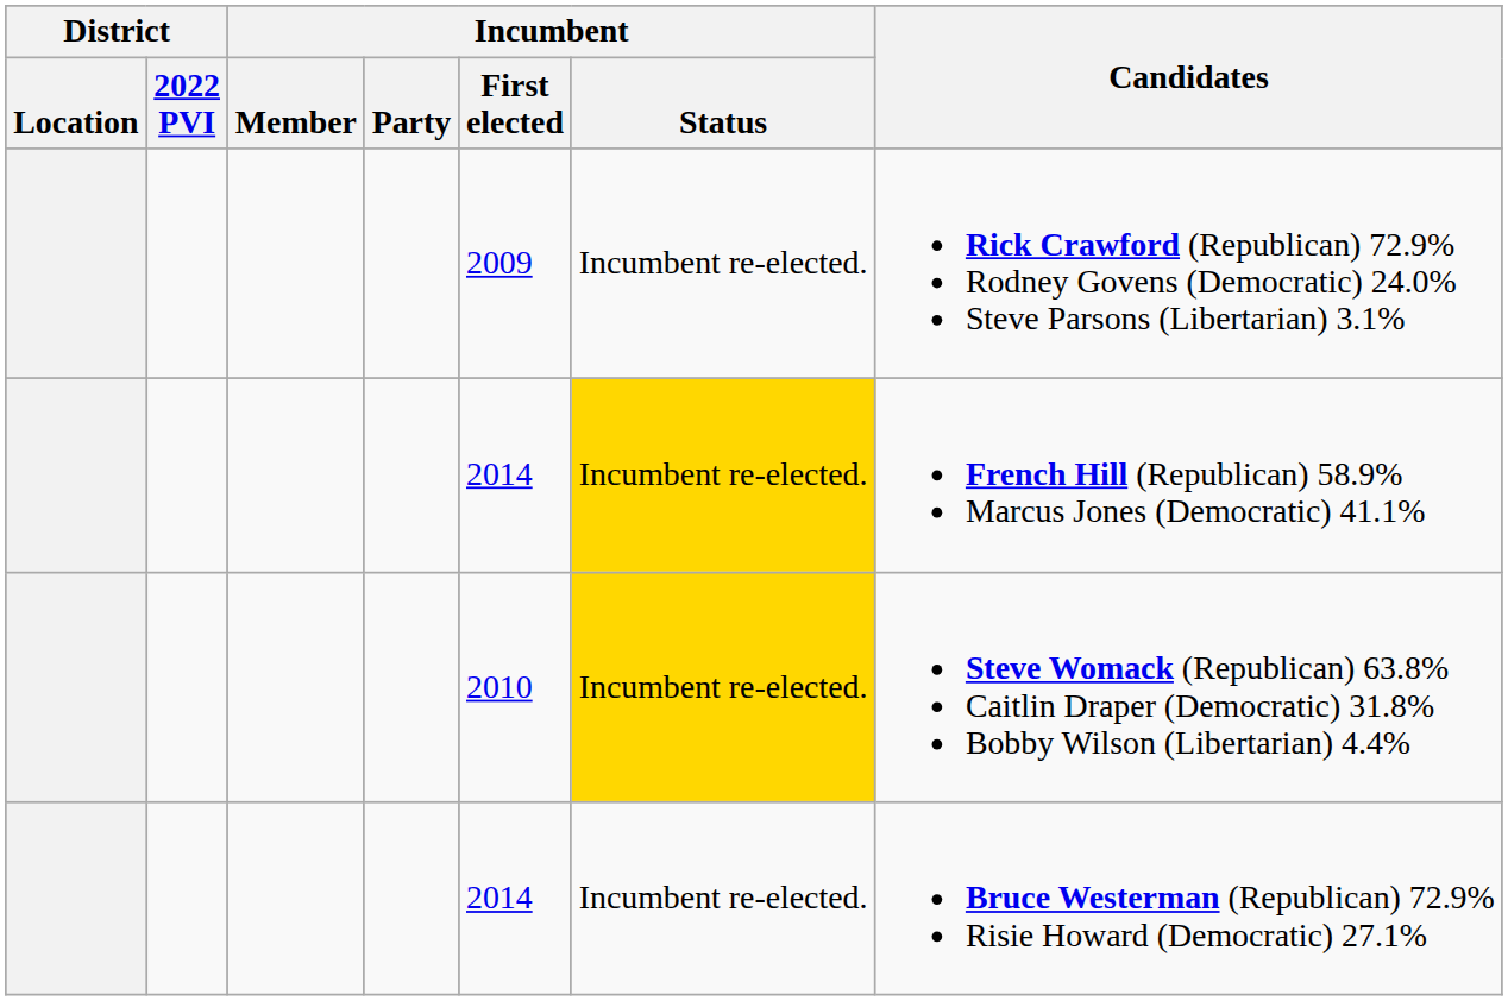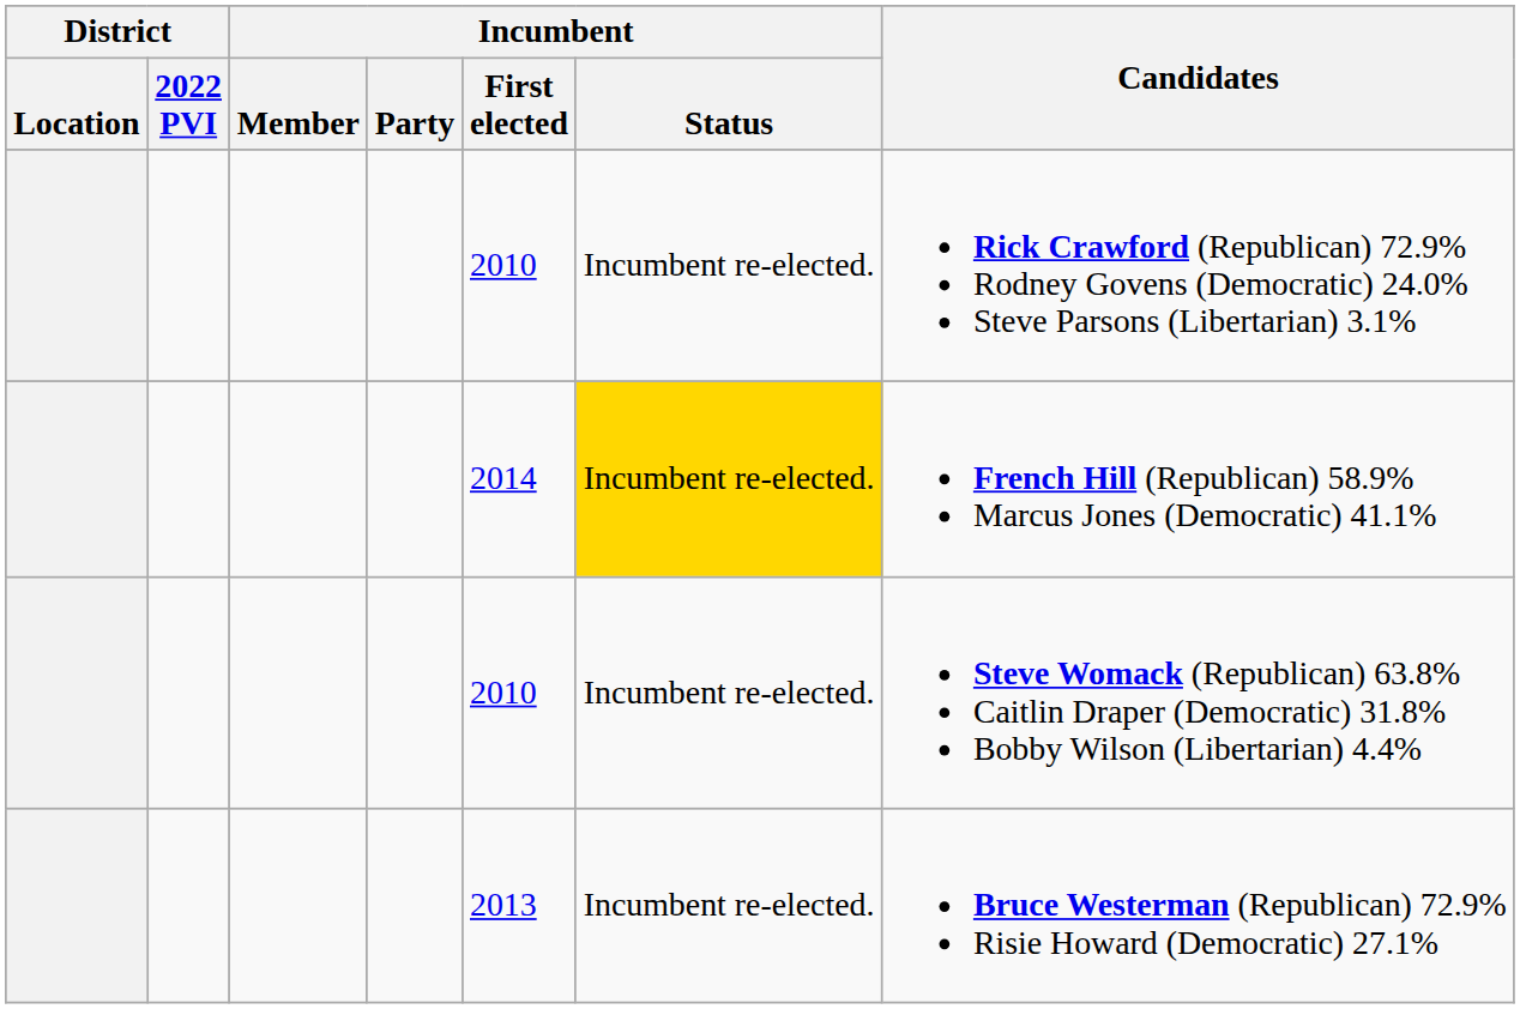 <table class="wikitable sortable">
 <tr>
 <th colspan=2>District</th>
 <th colspan=4>Incumbent</th>
 <th rowspan=2 class="unsortable">Candidates</th>
 </tr>
 <tr valign=bottom>
 <th>Location</th>
 <th><a href='#'>2022<br>PVI</a></th>
 <th>Member</th>
 <th>Party</th>
 <th>First<br>elected</th>
 <th>Status</th>
 </tr>
 <tr>
 <th></th>
 <td></td>
 <td></td>
 <td></td>
-<td><a href='#'>2009</a></td>
+<td><a href='#'>2010</a></td>
 <td>Incumbent re-elected.</td>
 <td nowrap><br><ul><li> <strong><a href='#'>Rick Crawford</a></strong> (Republican) 72.9%</li><li>Rodney Govens (Democratic) 24.0%</li><li>Steve Parsons (Libertarian) 3.1%</li></ul></td>
 </tr>
 <tr>
 <th></th>
 <td></td>
 <td></td>
 <td></td>
 <td><a href='#'>2014</a></td>
 <td style="background: gold;">Incumbent re-elected.</td>
 <td nowrap><br><ul><li> <strong><a href='#'>French Hill</a></strong> (Republican) 58.9%</li><li>Marcus Jones (Democratic) 41.1%</li></ul></td>
 </tr>
 <tr>
 <th></th>
 <td></td>
 <td></td>
 <td></td>
 <td><a href='#'>2010</a></td>
-<td style="background: gold;">Incumbent re-elected.</td>
+<td>Incumbent re-elected.</td>
 <td nowrap><br><ul><li> <strong><a href='#'>Steve Womack</a></strong> (Republican) 63.8%</li><li>Caitlin Draper (Democratic) 31.8%</li><li>Bobby Wilson (Libertarian) 4.4%</li></ul></td>
 </tr>
 <tr>
 <th></th>
 <td></td>
 <td></td>
 <td></td>
-<td><a href='#'>2014</a></td>
+<td><a href='#'>2013</a></td>
 <td>Incumbent re-elected.</td>
 <td nowrap><br><ul><li> <strong><a href='#'>Bruce Westerman</a></strong> (Republican) 72.9%</li><li>Risie Howard (Democratic) 27.1%</li></ul></td>
 </tr>
 </table>
